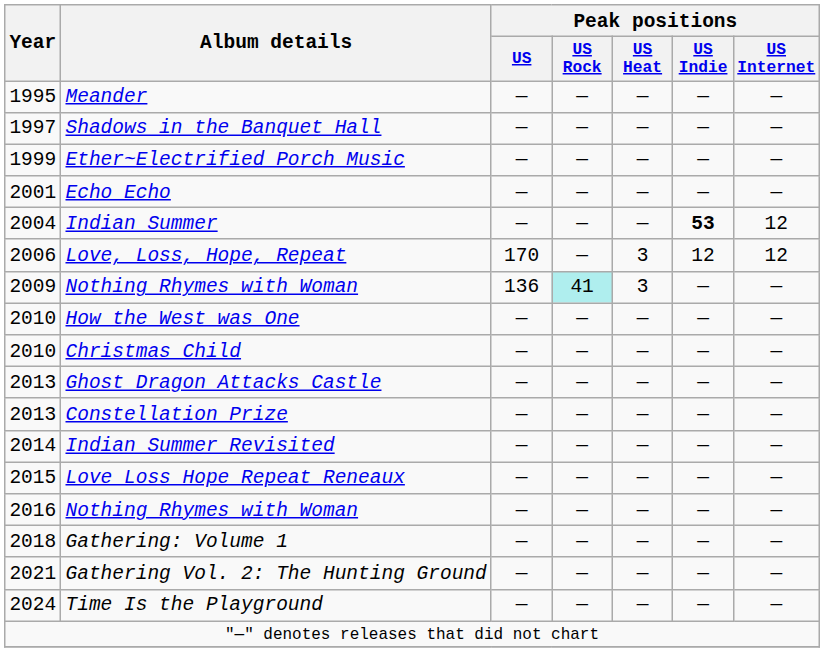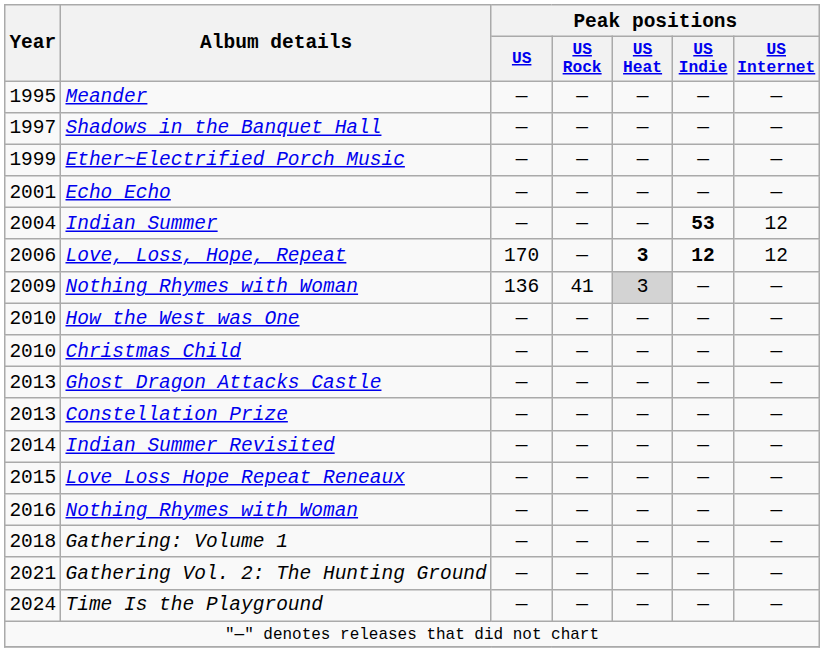 <table class="wikitable" style="text-align:center;">
 <tr>
 <th rowspan="2">Year</th>
 <th rowspan="2">Album details</th>
 <th colspan="5">Peak positions</th>
 </tr>
 <tr style="font-size:smaller;">
 <th width="35"><a href='#'>US</a></th>
 <th width="35"><a href='#'>US Rock</a></th>
 <th width="35"><a href='#'>US Heat</a></th>
 <th width="35"><a href='#'>US Indie</a></th>
 <th width="35"><a href='#'>US Internet</a></th>
 </tr>
 <tr>
 <td>1995</td>
 <td align="left"><em><a href='#'>Meander</a></em><br></td>
 <td>—</td>
 <td>—</td>
 <td>—</td>
 <td>—</td>
 <td>—</td>
 </tr>
 <tr>
 <td>1997</td>
 <td align="left"><em><a href='#'>Shadows in the Banquet Hall</a></em><br></td>
 <td>—</td>
 <td>—</td>
 <td>—</td>
 <td>—</td>
 <td>—</td>
 </tr>
 <tr>
 <td>1999</td>
 <td align="left"><em><a href='#'>Ether~Electrified Porch Music</a></em><br></td>
 <td>—</td>
 <td>—</td>
 <td>—</td>
 <td>—</td>
 <td>—</td>
 </tr>
 <tr>
 <td>2001</td>
 <td align="left"><em><a href='#'>Echo Echo</a></em><br></td>
 <td>—</td>
 <td>—</td>
 <td>—</td>
 <td>—</td>
 <td>—</td>
 </tr>
 <tr>
 <td>2004</td>
 <td align="left"><em><a href='#'>Indian Summer</a></em><br></td>
 <td>—</td>
 <td>—</td>
 <td>—</td>
 <td><strong>53</strong></td>
 <td>12</td>
 </tr>
 <tr>
 <td>2006</td>
 <td align="left"><em><a href='#'>Love, Loss, Hope, Repeat</a></em><br></td>
 <td>170</td>
 <td>—</td>
-<td>3</td>
-<td>12</td>
+<td><strong>3</strong></td>
+<td><strong>12</strong></td>
 <td>12</td>
 </tr>
 <tr>
 <td>2009</td>
 <td align="left"><em><a href='#'>Nothing Rhymes with Woman</a></em><br></td>
 <td>136</td>
-<td style="background: paleturquoise;">41</td>
-<td>3</td>
+<td>41</td>
+<td style="background: lightgrey;">3</td>
 <td>—</td>
 <td>—</td>
 </tr>
 <tr>
 <td>2010</td>
 <td align="left"><em><a href='#'>How the West was One</a></em><br></td>
 <td>—</td>
 <td>—</td>
 <td>—</td>
 <td>—</td>
 <td>—</td>
 </tr>
 <tr>
 <td>2010</td>
 <td align="left"><em><a href='#'>Christmas Child</a></em><br></td>
 <td>—</td>
 <td>—</td>
 <td>—</td>
 <td>—</td>
 <td>—</td>
 </tr>
 <tr>
 <td>2013</td>
 <td align="left"><em><a href='#'>Ghost Dragon Attacks Castle</a></em><br></td>
 <td>—</td>
 <td>—</td>
 <td>—</td>
 <td>—</td>
 <td>—</td>
 </tr>
 <tr>
 <td>2013</td>
 <td align="left"><em><a href='#'>Constellation Prize</a></em><br></td>
 <td>—</td>
 <td>—</td>
 <td>—</td>
 <td>—</td>
 <td>—</td>
 </tr>
 <tr>
 <td>2014</td>
 <td align="left"><em><a href='#'>Indian Summer Revisited</a></em><br></td>
 <td>—</td>
 <td>—</td>
 <td>—</td>
 <td>—</td>
 <td>—</td>
 </tr>
 <tr>
 <td>2015</td>
 <td align="left"><em><a href='#'>Love Loss Hope Repeat Reneaux</a></em><br></td>
 <td>—</td>
 <td>—</td>
 <td>—</td>
 <td>—</td>
 <td>—</td>
 </tr>
 <tr>
 <td>2016</td>
 <td align="left"><em><a href='#'>Nothing Rhymes with Woman</a></em><br></td>
 <td>—</td>
 <td>—</td>
 <td>—</td>
 <td>—</td>
 <td>—</td>
 </tr>
 <tr>
 <td>2018</td>
 <td align="left"><em>Gathering: Volume 1</em><br></td>
 <td>—</td>
 <td>—</td>
 <td>—</td>
 <td>—</td>
 <td>—</td>
 </tr>
 <tr>
 <td>2021</td>
 <td align="left"><em>Gathering Vol. 2: The Hunting Ground</em><br></td>
 <td>—</td>
 <td>—</td>
 <td>—</td>
 <td>—</td>
 <td>—</td>
 </tr>
 <tr>
 <td>2024</td>
 <td align="left"><em>Time Is the Playground</em><br></td>
 <td>—</td>
 <td>—</td>
 <td>—</td>
 <td>—</td>
 <td>—</td>
 </tr>
 <tr>
 <td colspan="10" style="font-size:8pt">"—" denotes releases that did not chart</td>
 </tr>
 <tr>
 </tr>
 </table>
